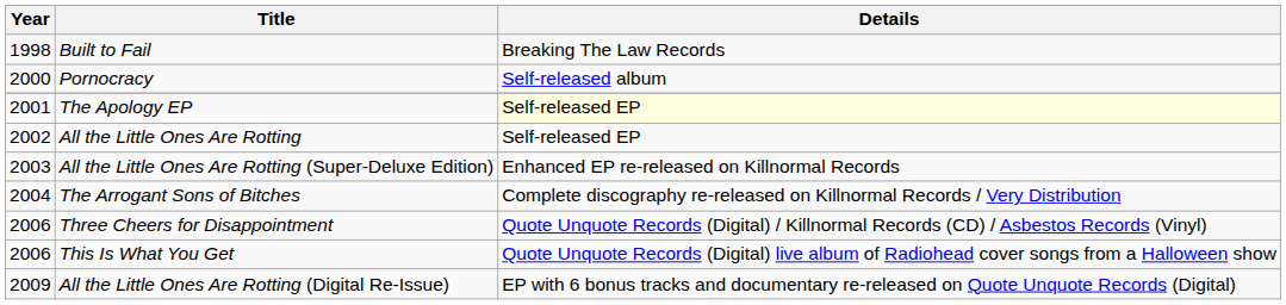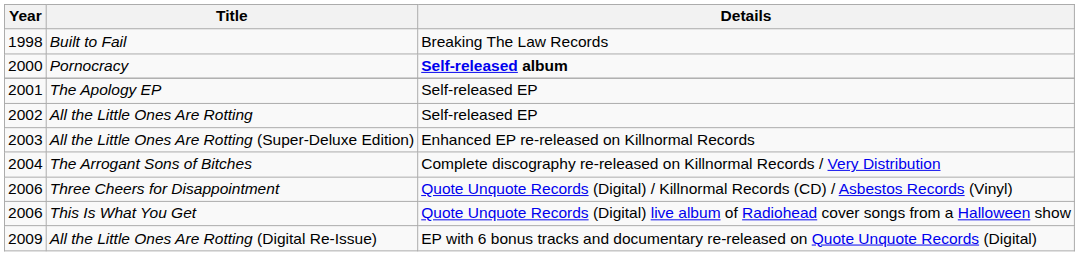 <table class="wikitable">
 <tr>
 <th>Year</th>
 <th>Title</th>
 <th>Details</th>
 </tr>
 <tr>
 <td>1998</td>
 <td><em>Built to Fail</em></td>
 <td>Breaking The Law Records</td>
 </tr>
 <tr>
 <td>2000</td>
 <td><em>Pornocracy</em></td>
-<td><a href='#'>Self-released</a> album</td>
+<td><strong><a href='#'>Self-released</a> album</strong></td>
 </tr>
 <tr>
 </tr>
 <tr>
 <td>2001</td>
 <td><em>The Apology EP</em></td>
-<td style="background: lightyellow;">Self-released EP</td>
+<td>Self-released EP</td>
 </tr>
 <tr>
 <td>2002</td>
 <td><em>All the Little Ones Are Rotting</em></td>
 <td>Self-released EP</td>
 </tr>
 <tr>
 <td>2003</td>
 <td><em>All the Little Ones Are Rotting</em> (Super-Deluxe Edition)</td>
 <td>Enhanced EP re-released on Killnormal Records</td>
 </tr>
 <tr>
 <td>2004</td>
 <td><em>The Arrogant Sons of Bitches</em></td>
 <td>Complete discography re-released on Killnormal Records / <a href='#'>Very Distribution</a></td>
 </tr>
 <tr>
 <td>2006</td>
 <td><em>Three Cheers for Disappointment</em></td>
 <td><a href='#'>Quote Unquote Records</a> (Digital) / Killnormal Records (CD) / <a href='#'>Asbestos Records</a> (Vinyl)</td>
 </tr>
 <tr>
 <td>2006</td>
 <td><em>This Is What You Get</em></td>
 <td><a href='#'>Quote Unquote Records</a> (Digital) <a href='#'>live album</a> of <a href='#'>Radiohead</a> cover songs from a <a href='#'>Halloween</a> show</td>
 </tr>
 <tr>
 <td>2009</td>
 <td><em>All the Little Ones Are Rotting</em> (Digital Re-Issue)</td>
 <td>EP with 6 bonus tracks and documentary re-released on <a href='#'>Quote Unquote Records</a> (Digital)</td>
 </tr>
 </table>
